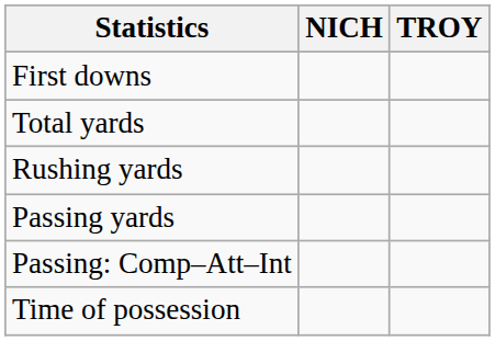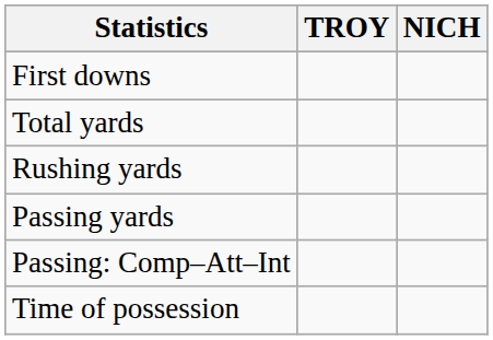 <table class="wikitable" style="float: left;">
 <tr>
 <th>Statistics</th>
+<th>TROY</th>
 <th>NICH</th>
-<th>TROY</th>
 </tr>
 <tr>
 <td>First downs</td>
 <td></td>
 <td></td>
 </tr>
 <tr>
 <td>Total yards</td>
 <td></td>
 <td></td>
 </tr>
 <tr>
 <td>Rushing yards</td>
 <td></td>
 <td></td>
 </tr>
 <tr>
 <td>Passing yards</td>
 <td></td>
 <td></td>
 </tr>
 <tr>
 <td>Passing: Comp–Att–Int</td>
 <td></td>
 <td></td>
 </tr>
 <tr>
 <td>Time of possession</td>
 <td></td>
 <td></td>
 </tr>
 </table>
